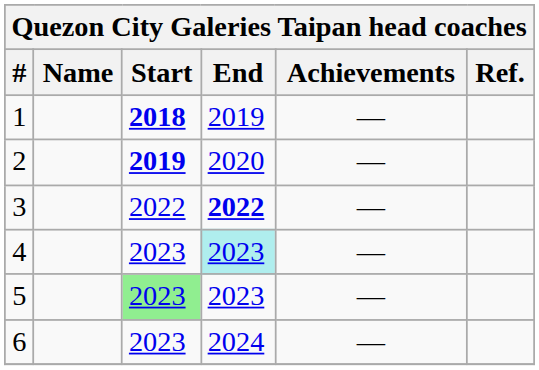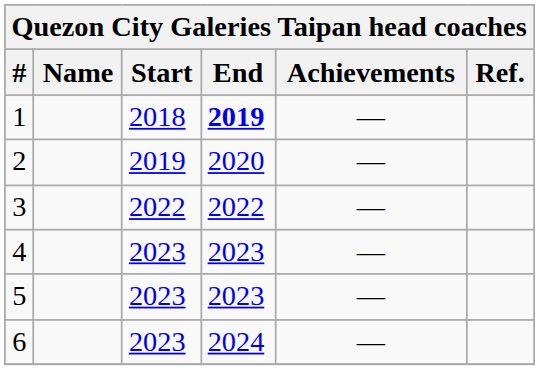 <table class="wikitable sortable">
 <tr>
 <th colspan="6">Quezon City Galeries Taipan head coaches</th>
 </tr>
 <tr>
 <th>#</th>
 <th>Name</th>
 <th>Start</th>
 <th>End</th>
 <th>Achievements</th>
 <th>Ref.</th>
 </tr>
 <tr>
 <td align=center>1</td>
 <td></td>
-<td><strong><a href='#'>2018</a></strong></td>
-<td><a href='#'>2019</a></td>
+<td><a href='#'>2018</a></td>
+<td><strong><a href='#'>2019</a></strong></td>
 <td align=center>—</td>
 <td></td>
 </tr>
 <tr>
 <td align=center>2</td>
 <td></td>
-<td><strong><a href='#'>2019</a></strong></td>
+<td><a href='#'>2019</a></td>
 <td><a href='#'>2020</a></td>
 <td align=center>—</td>
 <td></td>
 </tr>
 <tr>
 <td align=center>3</td>
 <td></td>
 <td><a href='#'>2022</a></td>
-<td><strong><a href='#'>2022</a></strong></td>
+<td><a href='#'>2022</a></td>
 <td align=center>—</td>
 <td></td>
 </tr>
 <tr>
 <td align=center>4</td>
 <td></td>
 <td><a href='#'>2023</a></td>
-<td style="background: paleturquoise;"><a href='#'>2023</a></td>
+<td><a href='#'>2023</a></td>
 <td align=center>—</td>
 <td></td>
 </tr>
 <tr>
 <td align=center>5</td>
 <td></td>
-<td style="background: lightgreen;"><a href='#'>2023</a></td>
+<td><a href='#'>2023</a></td>
 <td><a href='#'>2023</a></td>
 <td align=center>—</td>
 <td></td>
 </tr>
 <tr>
 <td align=center>6</td>
 <td></td>
 <td><a href='#'>2023</a></td>
 <td><a href='#'>2024</a></td>
 <td align=center>—</td>
 <td></td>
 </tr>
 <tr>
 </tr>
 </table>
